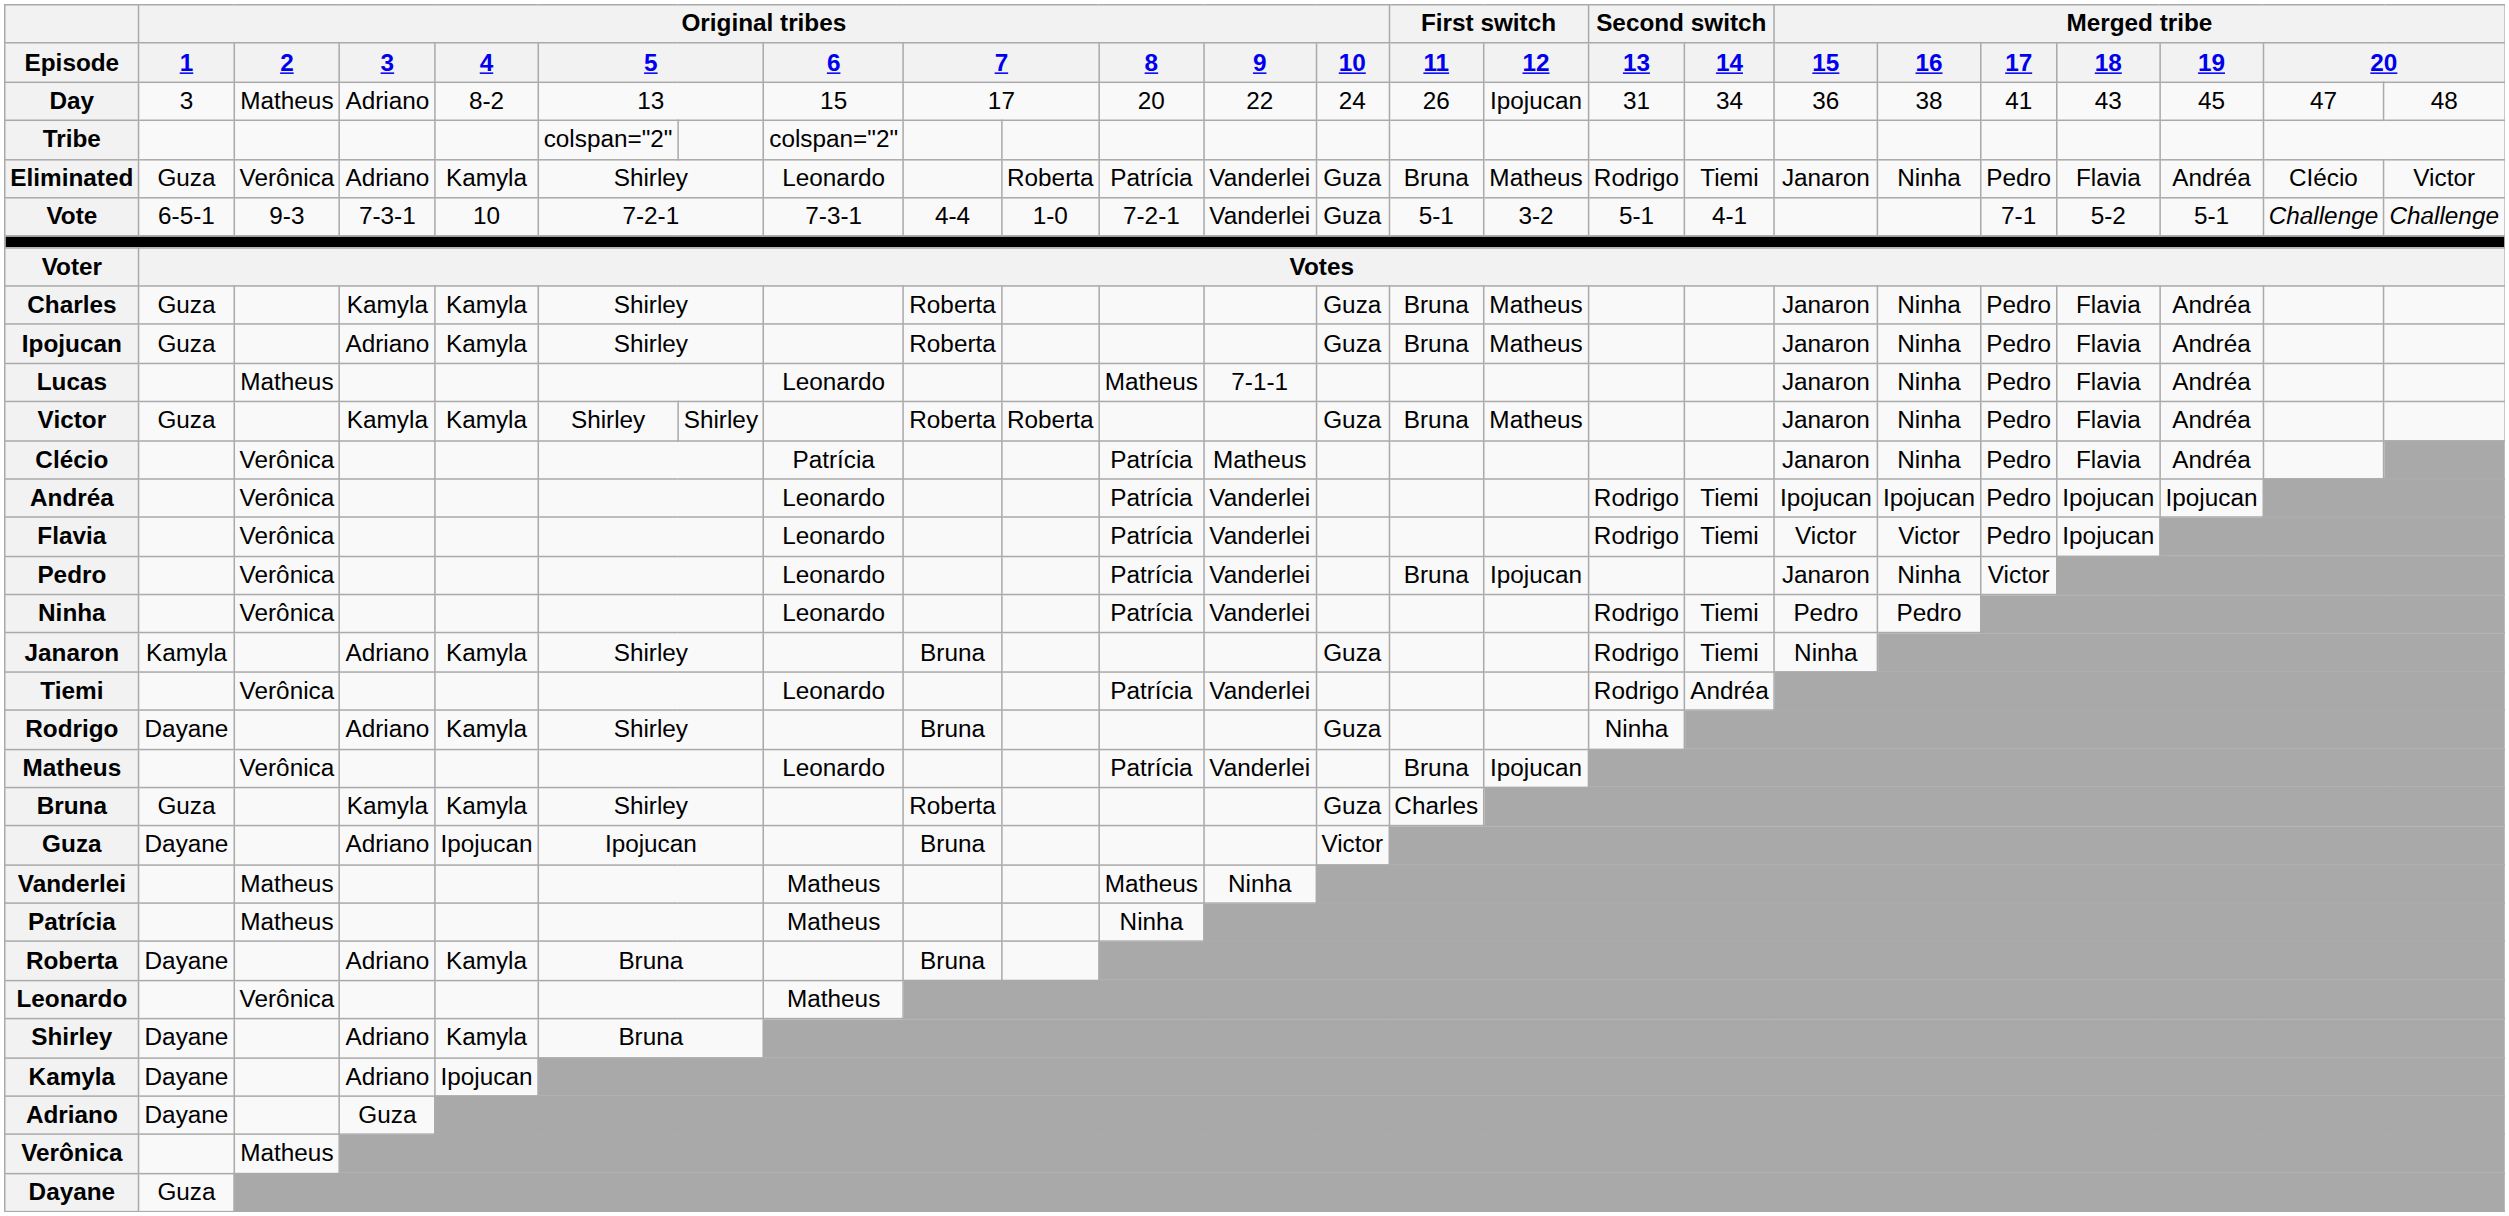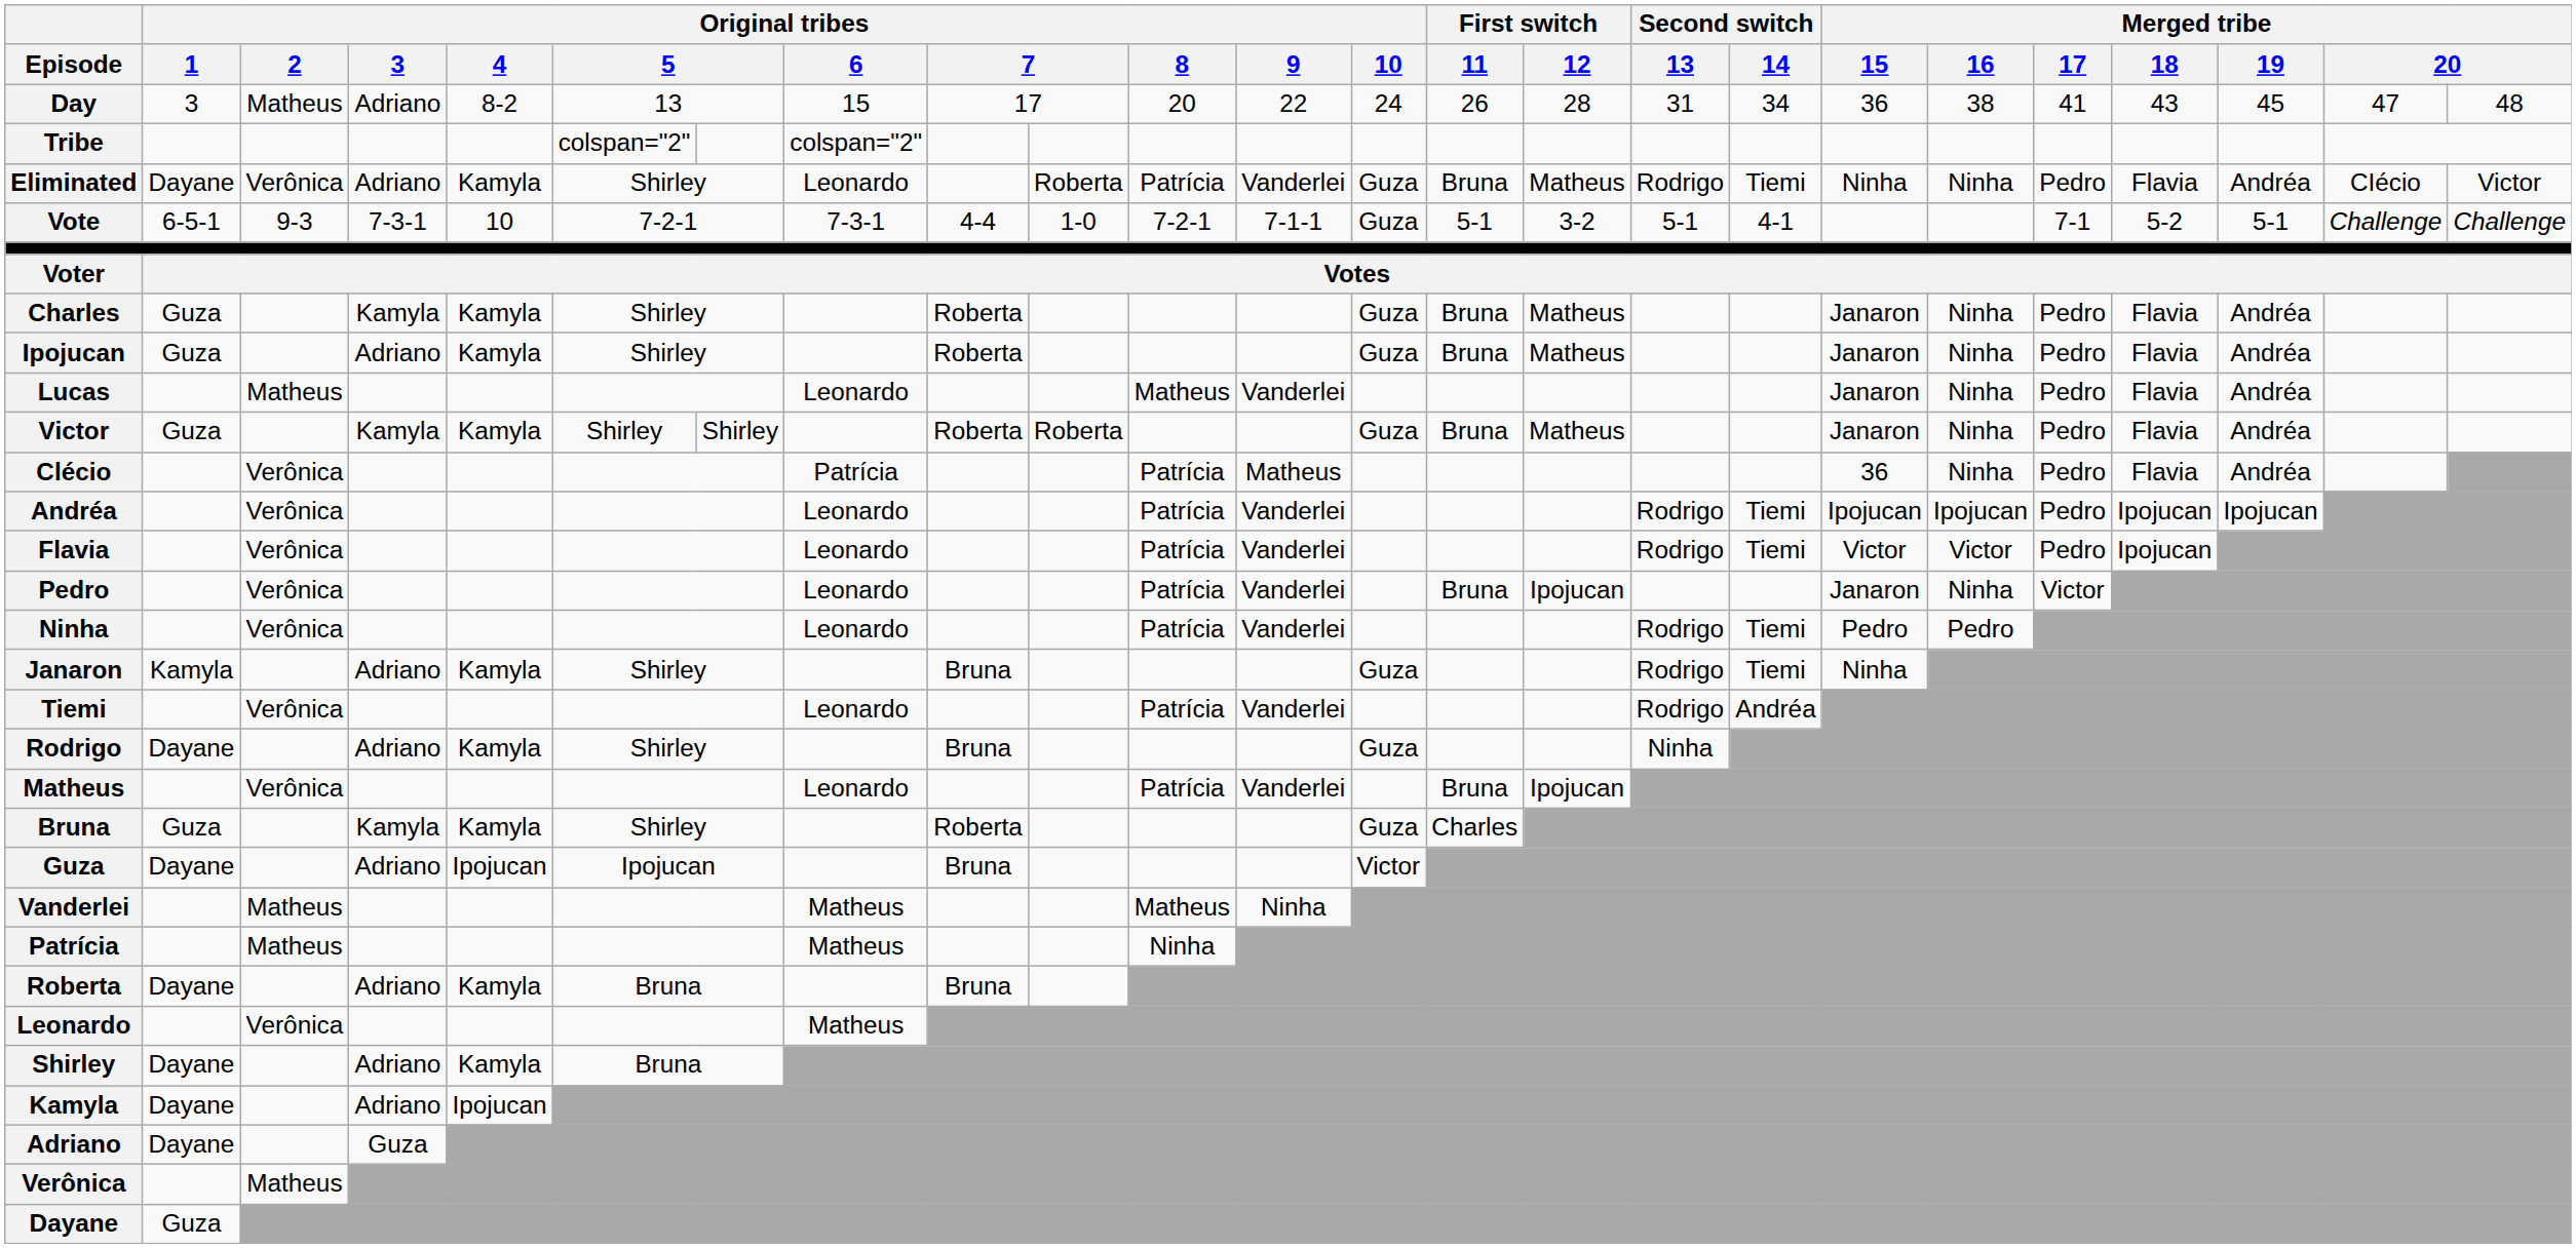 <table class="wikitable" style="text-align:center">
 <tr>
 <th></th>
 <th colspan="12">Original tribes</th>
 <th colspan="2">First switch</th>
 <th colspan="2">Second switch</th>
 <th colspan="7">Merged tribe</th>
 </tr>
 <tr>
 <th>Episode</th>
 <th><a href='#'>1</a></th>
 <th><a href='#'>2</a></th>
 <th><a href='#'>3</a></th>
 <th><a href='#'>4</a></th>
 <th colspan="2"><a href='#'>5</a></th>
 <th><a href='#'>6</a></th>
 <th colspan="2"><a href='#'>7</a></th>
 <th><a href='#'>8</a></th>
 <th><a href='#'>9</a></th>
 <th><a href='#'>10</a></th>
 <th><a href='#'>11</a></th>
 <th><a href='#'>12</a></th>
 <th><a href='#'>13</a></th>
 <th><a href='#'>14</a></th>
 <th><a href='#'>15</a></th>
 <th><a href='#'>16</a></th>
 <th><a href='#'>17</a></th>
 <th><a href='#'>18</a></th>
 <th><a href='#'>19</a></th>
 <th colspan="2"><a href='#'>20</a></th>
 </tr>
 <tr>
 <th>Day</th>
 <td>3</td>
 <td>Matheus</td>
 <td>Adriano</td>
 <td>8-2</td>
 <td colspan="2">13</td>
 <td>15</td>
 <td colspan="2">17</td>
 <td>20</td>
 <td>22</td>
 <td>24</td>
 <td>26</td>
-<td>Ipojucan</td>
+<td>28</td>
 <td>31</td>
 <td>34</td>
 <td>36</td>
 <td>38</td>
 <td>41</td>
 <td>43</td>
 <td>45</td>
 <td>47</td>
 <td>48</td>
 </tr>
 <tr>
 <th>Tribe</th>
 <td></td>
 <td></td>
 <td></td>
 <td></td>
 <td>colspan="2" </td>
 <td></td>
 <td>colspan="2" </td>
 <td></td>
 <td></td>
 <td></td>
 <td></td>
 <td></td>
 <td></td>
 <td></td>
 <td></td>
 <td></td>
 <td></td>
 <td></td>
 <td></td>
 <td></td>
 <td></td>
 </tr>
 <tr>
 <th>Eliminated</th>
-<td>Guza</td>
+<td>Dayane</td>
 <td>Verônica</td>
 <td>Adriano</td>
 <td>Kamyla</td>
 <td colspan="2">Shirley</td>
 <td>Leonardo</td>
 <td></td>
 <td>Roberta</td>
 <td>Patrícia</td>
 <td>Vanderlei</td>
 <td>Guza</td>
 <td>Bruna</td>
 <td>Matheus</td>
 <td>Rodrigo</td>
 <td>Tiemi</td>
-<td>Janaron</td>
+<td>Ninha</td>
 <td>Ninha</td>
 <td>Pedro</td>
 <td>Flavia</td>
 <td>Andréa</td>
 <td>CIécio</td>
 <td>Victor</td>
 </tr>
 <tr>
 <th>Vote</th>
 <td>6-5-1</td>
 <td>9-3</td>
 <td>7-3-1</td>
 <td>10</td>
 <td colspan="2">7-2-1</td>
 <td>7-3-1</td>
 <td>4-4</td>
 <td>1-0</td>
 <td>7-2-1</td>
-<td>Vanderlei</td>
+<td>7-1-1</td>
 <td>Guza</td>
 <td>5-1</td>
 <td>3-2</td>
 <td>5-1</td>
 <td>4-1</td>
 <td></td>
 <td></td>
 <td>7-1</td>
 <td>5-2</td>
 <td>5-1</td>
 <td><em>Challenge</em></td>
 <td><em>Challenge</em></td>
 </tr>
 <tr>
 <td colspan="24" bgcolor="black"></td>
 </tr>
 <tr>
 <th>Voter</th>
 <th colspan="23">Votes</th>
 </tr>
 <tr>
 <th>Charles</th>
 <td>Guza</td>
 <td></td>
 <td>Kamyla</td>
 <td>Kamyla</td>
 <td colspan="2">Shirley</td>
 <td></td>
 <td>Roberta</td>
 <td></td>
 <td></td>
 <td></td>
 <td>Guza</td>
 <td>Bruna</td>
 <td>Matheus</td>
 <td></td>
 <td></td>
 <td>Janaron</td>
 <td>Ninha</td>
 <td>Pedro</td>
 <td>Flavia</td>
 <td>Andréa</td>
 <td></td>
 <td></td>
 </tr>
 <tr>
 <th>Ipojucan</th>
 <td>Guza</td>
 <td></td>
 <td>Adriano</td>
 <td>Kamyla</td>
 <td colspan="2">Shirley</td>
 <td></td>
 <td>Roberta</td>
 <td></td>
 <td></td>
 <td></td>
 <td>Guza</td>
 <td>Bruna</td>
 <td>Matheus</td>
 <td></td>
 <td></td>
 <td>Janaron</td>
 <td>Ninha</td>
 <td>Pedro</td>
 <td>Flavia</td>
 <td>Andréa</td>
 <td></td>
 <td></td>
 </tr>
 <tr>
 <th>Lucas</th>
 <td></td>
 <td>Matheus</td>
 <td></td>
 <td></td>
 <td colspan="2"></td>
 <td>Leonardo</td>
 <td></td>
 <td></td>
 <td>Matheus</td>
-<td>7-1-1</td>
+<td>Vanderlei</td>
 <td></td>
 <td></td>
 <td></td>
 <td></td>
 <td></td>
 <td>Janaron</td>
 <td>Ninha</td>
 <td>Pedro</td>
 <td>Flavia</td>
 <td>Andréa</td>
 <td></td>
 <td></td>
 </tr>
 <tr>
 <th>Victor</th>
 <td>Guza</td>
 <td></td>
 <td>Kamyla</td>
 <td>Kamyla</td>
 <td>Shirley</td>
 <td>Shirley</td>
 <td></td>
 <td>Roberta</td>
 <td>Roberta</td>
 <td></td>
 <td></td>
 <td>Guza</td>
 <td>Bruna</td>
 <td>Matheus</td>
 <td></td>
 <td></td>
 <td>Janaron</td>
 <td>Ninha</td>
 <td>Pedro</td>
 <td>Flavia</td>
 <td>Andréa</td>
 <td></td>
 <td></td>
 </tr>
 <tr>
 <th>Clécio</th>
 <td></td>
 <td>Verônica</td>
 <td></td>
 <td></td>
 <td colspan="2"></td>
 <td>Patrícia</td>
 <td></td>
 <td></td>
 <td>Patrícia</td>
 <td>Matheus</td>
 <td></td>
 <td></td>
 <td></td>
 <td></td>
 <td></td>
-<td>Janaron</td>
+<td>36</td>
 <td>Ninha</td>
 <td>Pedro</td>
 <td>Flavia</td>
 <td>Andréa</td>
 <td></td>
 <td bgcolor="darkgrey"></td>
 </tr>
 <tr>
 <th>Andréa</th>
 <td></td>
 <td>Verônica</td>
 <td></td>
 <td></td>
 <td colspan="2"></td>
 <td>Leonardo</td>
 <td></td>
 <td></td>
 <td>Patrícia</td>
 <td>Vanderlei</td>
 <td></td>
 <td></td>
 <td></td>
 <td>Rodrigo</td>
 <td>Tiemi</td>
 <td>Ipojucan</td>
 <td>Ipojucan</td>
 <td>Pedro</td>
 <td>Ipojucan</td>
 <td>Ipojucan</td>
 <td colspan="2" bgcolor="darkgrey"></td>
 </tr>
 <tr>
 <th>Flavia</th>
 <td></td>
 <td>Verônica</td>
 <td></td>
 <td></td>
 <td colspan="2"></td>
 <td>Leonardo</td>
 <td></td>
 <td></td>
 <td>Patrícia</td>
 <td>Vanderlei</td>
 <td></td>
 <td></td>
 <td></td>
 <td>Rodrigo</td>
 <td>Tiemi</td>
 <td>Victor</td>
 <td>Victor</td>
 <td>Pedro</td>
 <td>Ipojucan</td>
 <td colspan="3" bgcolor="darkgrey"></td>
 </tr>
 <tr>
 <th>Pedro</th>
 <td></td>
 <td>Verônica</td>
 <td></td>
 <td></td>
 <td colspan="2"></td>
 <td>Leonardo</td>
 <td></td>
 <td></td>
 <td>Patrícia</td>
 <td>Vanderlei</td>
 <td></td>
 <td>Bruna</td>
 <td>Ipojucan</td>
 <td></td>
 <td></td>
 <td>Janaron</td>
 <td>Ninha</td>
 <td>Victor</td>
 <td colspan="4" bgcolor="darkgrey"></td>
 </tr>
 <tr>
 <th>Ninha</th>
 <td></td>
 <td>Verônica</td>
 <td></td>
 <td></td>
 <td colspan="2"></td>
 <td>Leonardo</td>
 <td></td>
 <td></td>
 <td>Patrícia</td>
 <td>Vanderlei</td>
 <td></td>
 <td></td>
 <td></td>
 <td>Rodrigo</td>
 <td>Tiemi</td>
 <td>Pedro</td>
 <td>Pedro</td>
 <td colspan="5" bgcolor="darkgrey"></td>
 </tr>
 <tr>
 <th>Janaron</th>
 <td>Kamyla</td>
 <td></td>
 <td>Adriano</td>
 <td>Kamyla</td>
 <td colspan="2">Shirley</td>
 <td></td>
 <td>Bruna</td>
 <td></td>
 <td></td>
 <td></td>
 <td>Guza</td>
 <td></td>
 <td></td>
 <td>Rodrigo</td>
 <td>Tiemi</td>
 <td>Ninha</td>
 <td colspan="6" bgcolor="darkgrey"></td>
 </tr>
 <tr>
 <th>Tiemi</th>
 <td></td>
 <td>Verônica</td>
 <td></td>
 <td></td>
 <td colspan="2"></td>
 <td>Leonardo</td>
 <td></td>
 <td></td>
 <td>Patrícia</td>
 <td>Vanderlei</td>
 <td></td>
 <td></td>
 <td></td>
 <td>Rodrigo</td>
 <td>Andréa</td>
 <td colspan="7" bgcolor="darkgrey"></td>
 </tr>
 <tr>
 <th>Rodrigo</th>
 <td>Dayane</td>
 <td></td>
 <td>Adriano</td>
 <td>Kamyla</td>
 <td colspan="2">Shirley</td>
 <td></td>
 <td>Bruna</td>
 <td></td>
 <td></td>
 <td></td>
 <td>Guza</td>
 <td></td>
 <td></td>
 <td>Ninha</td>
 <td bgcolor="darkgrey" colspan="8"></td>
 </tr>
 <tr>
 <th>Matheus</th>
 <td></td>
 <td>Verônica</td>
 <td></td>
 <td></td>
 <td colspan="2"></td>
 <td>Leonardo</td>
 <td></td>
 <td></td>
 <td>Patrícia</td>
 <td>Vanderlei</td>
 <td></td>
 <td>Bruna</td>
 <td>Ipojucan</td>
 <td colspan="9" bgcolor="darkgrey"></td>
 </tr>
 <tr>
 <th>Bruna</th>
 <td>Guza</td>
 <td></td>
 <td>Kamyla</td>
 <td>Kamyla</td>
 <td colspan="2">Shirley</td>
 <td></td>
 <td>Roberta</td>
 <td></td>
 <td></td>
 <td></td>
 <td>Guza</td>
 <td>Charles</td>
 <td bgcolor="darkgrey" colspan="10"></td>
 </tr>
 <tr>
 <th>Guza</th>
 <td>Dayane</td>
 <td></td>
 <td>Adriano</td>
 <td>Ipojucan</td>
 <td colspan="2">Ipojucan</td>
 <td></td>
 <td>Bruna</td>
 <td></td>
 <td></td>
 <td></td>
 <td>Victor</td>
 <td bgcolor="darkgrey" colspan="11"></td>
 </tr>
 <tr>
 <th>Vanderlei</th>
 <td></td>
 <td>Matheus</td>
 <td></td>
 <td></td>
 <td colspan="2"></td>
 <td>Matheus</td>
 <td></td>
 <td></td>
 <td>Matheus</td>
 <td>Ninha</td>
 <td colspan="12" bgcolor="darkgrey"></td>
 </tr>
 <tr>
 <th>Patrícia</th>
 <td></td>
 <td>Matheus</td>
 <td></td>
 <td></td>
 <td colspan="2"></td>
 <td>Matheus</td>
 <td></td>
 <td></td>
 <td>Ninha</td>
 <td colspan="13" bgcolor="darkgrey"></td>
 </tr>
 <tr>
 <th>Roberta</th>
 <td>Dayane</td>
 <td></td>
 <td>Adriano</td>
 <td>Kamyla</td>
 <td colspan="2">Bruna</td>
 <td></td>
 <td>Bruna</td>
 <td></td>
 <td bgcolor="darkgrey" colspan="14"></td>
 </tr>
 <tr>
 <th>Leonardo</th>
 <td></td>
 <td>Verônica</td>
 <td></td>
 <td></td>
 <td colspan="2"></td>
 <td>Matheus</td>
 <td colspan="16" bgcolor="darkgrey"></td>
 </tr>
 <tr>
 <th>Shirley</th>
 <td>Dayane</td>
 <td></td>
 <td>Adriano</td>
 <td>Kamyla</td>
 <td colspan="2">Bruna</td>
 <td colspan="17" bgcolor="darkgrey"></td>
 </tr>
 <tr>
 <th>Kamyla</th>
 <td>Dayane</td>
 <td></td>
 <td>Adriano</td>
 <td>Ipojucan</td>
 <td colspan="19" bgcolor="darkgrey"></td>
 </tr>
 <tr>
 <th>Adriano</th>
 <td>Dayane</td>
 <td></td>
 <td>Guza</td>
 <td colspan="20" bgcolor="darkgrey"></td>
 </tr>
 <tr>
 <th>Verônica</th>
 <td></td>
 <td>Matheus</td>
 <td colspan="21" bgcolor="darkgrey"></td>
 </tr>
 <tr>
 <th>Dayane</th>
 <td>Guza</td>
 <td colspan="22" bgcolor="darkgrey"></td>
 </tr>
 </table>
